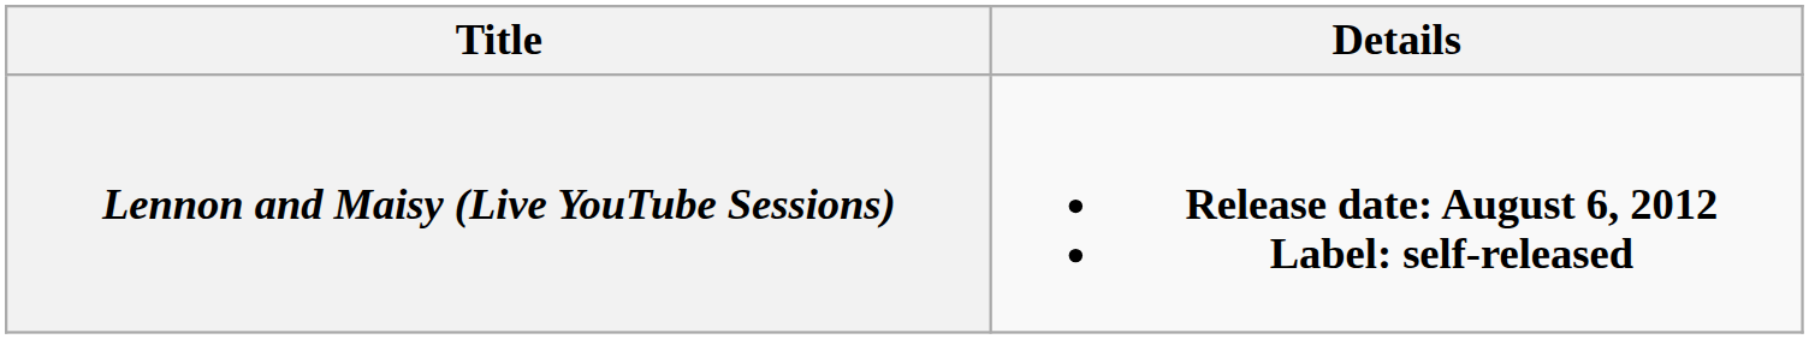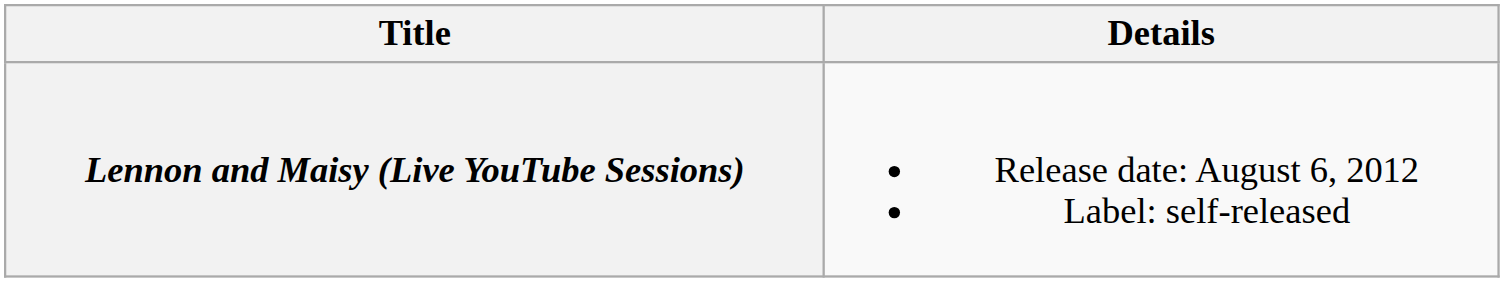 <table class="wikitable plainrowheaders" style="text-align:center;">
 <tr>
 <th style="width:22em;">Title</th>
 <th style="width:18em;">Details</th>
 </tr>
 <tr style="width:10em;"| Covers>
 <th scope="row"><em>Lennon and Maisy (Live YouTube Sessions)</em></th>
-<td><strong><br><ul><li>Release date: August 6, 2012</li><li>Label: self-released</li></ul></strong></td>
+<td><br><ul><li>Release date: August 6, 2012</li><li>Label: self-released</li></ul></td>
 </tr>
 </table>
